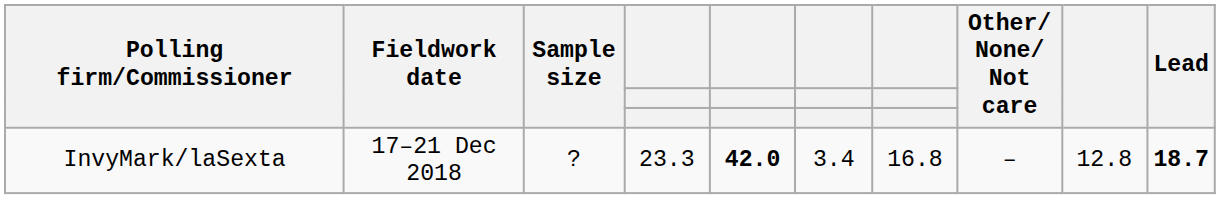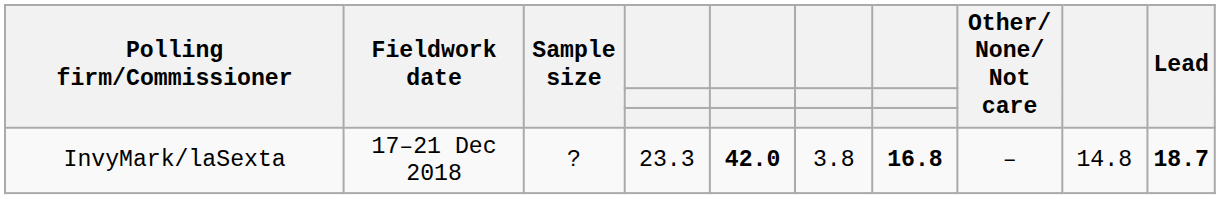 <table class="wikitable collapsible collapsed" style="text-align:center; font-size:90%; line-height:14px;">
 <tr style="height:42px;">
 <th style="width:250px;" rowspan="3">Polling firm/Commissioner</th>
 <th style="width:125px;" rowspan="3">Fieldwork date</th>
 <th style="width:50px;" rowspan="3">Sample size</th>
 <th style="width:55px;"></th>
 <th style="width:55px;"></th>
 <th style="width:55px;"></th>
 <th style="width:55px;"></th>
 <th style="width:55px;" rowspan="3">Other/<br>None/<br>Not<br>care</th>
 <th style="width:55px;" rowspan="3"></th>
 <th style="width:30px;" rowspan="3">Lead</th>
 </tr>
 <tr>
 <th style="color:inherit;background:"></th>
 <th style="color:inherit;background:"></th>
 <th style="color:inherit;background:"></th>
 <th style="color:inherit;background:"></th>
 </tr>
 <tr>
 <th></th>
 <th></th>
 <th></th>
 <th></th>
 </tr>
 <tr>
 <td>InvyMark/laSexta</td>
 <td>17–21 Dec 2018</td>
 <td>?</td>
 <td>23.3</td>
 <td><strong>42.0</strong></td>
-<td>3.4</td>
-<td>16.8</td>
+<td>3.8</td>
+<td><strong>16.8</strong></td>
 <td>–</td>
-<td>12.8</td>
+<td>14.8</td>
 <td style="background:"><strong>18.7</strong></td>
 </tr>
 </table>
